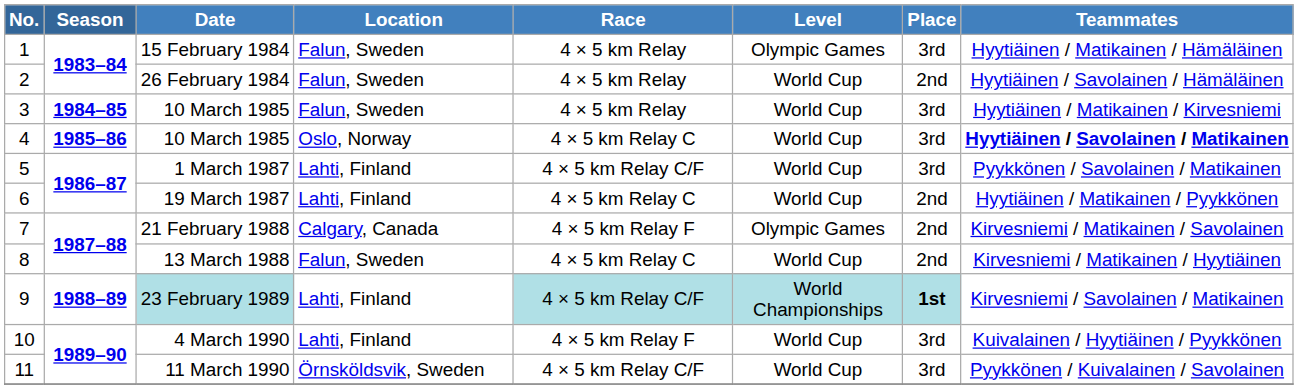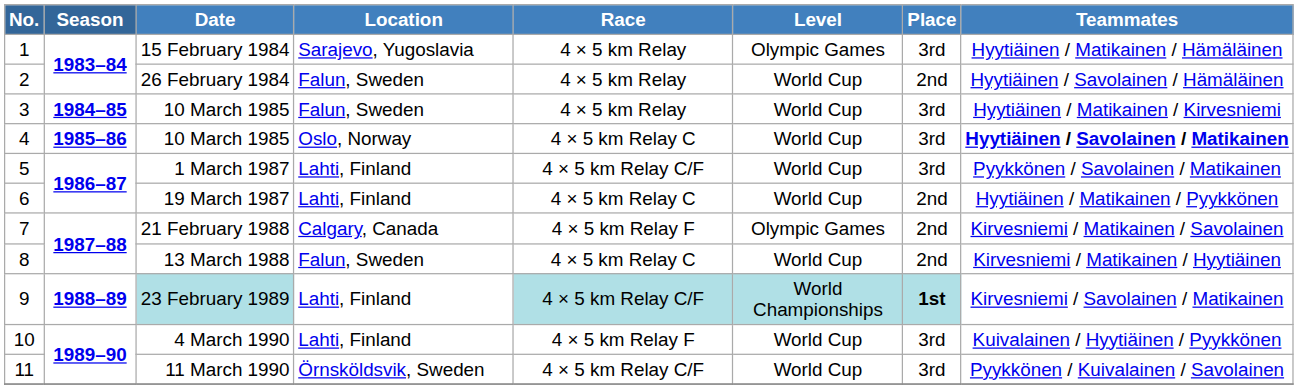 <table class="wikitable sortable" style="font-size:95%; text-align:center; border:grey solid 1px; border-collapse:collapse; background:#ffffff;">
 <tr style="background:#efefef;">
 <th style="background-color:#369; color:white;">No.</th>
 <th style="background-color:#369; color:white;">Season</th>
 <th style="background-color:#4180be; color:white; width:120px;">Date</th>
 <th style="background-color:#4180be; color:white; width:170px;">Location</th>
 <th style="background-color:#4180be; color:white; width:170px;">Race</th>
 <th style="background-color:#4180be; color:white; width:130px;">Level</th>
 <th style="background-color:#4180be; color:white;">Place</th>
 <th style="background-color:#4180be; color:white;">Teammates</th>
 </tr>
 <tr>
 <td align=center>1</td>
 <td rowspan=2 align=center><strong> <a href='#'>1983–84</a> </strong></td>
 <td align=right>15 February 1984</td>
-<td align=left> <a href='#'>Falun</a>, Sweden</td>
+<td align=left> <a href='#'>Sarajevo</a>, Yugoslavia</td>
 <td>4 × 5 km Relay</td>
 <td>Olympic Games</td>
 <td>3rd</td>
 <td><a href='#'>Hyytiäinen</a> / <a href='#'>Matikainen</a> / <a href='#'>Hämäläinen</a></td>
 </tr>
 <tr>
 <td align=center>2</td>
 <td align=right>26 February 1984</td>
 <td align=left> <a href='#'>Falun</a>, Sweden</td>
 <td>4 × 5 km Relay</td>
 <td>World Cup</td>
 <td>2nd</td>
 <td><a href='#'>Hyytiäinen</a> / <a href='#'>Savolainen</a> / <a href='#'>Hämäläinen</a></td>
 </tr>
 <tr>
 <td align=center>3</td>
 <td rowspan=1 align=center><strong> <a href='#'>1984–85</a> </strong></td>
 <td align=right>10 March 1985</td>
 <td align=left> <a href='#'>Falun</a>, Sweden</td>
 <td>4 × 5 km Relay</td>
 <td>World Cup</td>
 <td>3rd</td>
 <td><a href='#'>Hyytiäinen</a> / <a href='#'>Matikainen</a> / <a href='#'>Kirvesniemi</a></td>
 </tr>
 <tr>
 <td align=center>4</td>
 <td rowspan=1 align=center><strong> <a href='#'>1985–86</a> </strong></td>
 <td align=right>10 March 1985</td>
 <td align=left> <a href='#'>Oslo</a>, Norway</td>
 <td>4 × 5 km Relay C</td>
 <td>World Cup</td>
 <td>3rd</td>
 <td><strong><a href='#'>Hyytiäinen</a> / <a href='#'>Savolainen</a> / <a href='#'>Matikainen</a></strong></td>
 </tr>
 <tr>
 <td align=center>5</td>
 <td rowspan=2 align=center><strong> <a href='#'>1986–87</a> </strong></td>
 <td align=right>1 March 1987</td>
 <td align=left> <a href='#'>Lahti</a>, Finland</td>
 <td>4 × 5 km Relay C/F</td>
 <td>World Cup</td>
 <td>3rd</td>
 <td><a href='#'>Pyykkönen</a> / <a href='#'>Savolainen</a> / <a href='#'>Matikainen</a></td>
 </tr>
 <tr>
 <td align=center>6</td>
 <td align=right>19 March 1987</td>
 <td align=left> <a href='#'>Lahti</a>, Finland</td>
 <td>4 × 5 km Relay C</td>
 <td>World Cup</td>
 <td>2nd</td>
 <td><a href='#'>Hyytiäinen</a> / <a href='#'>Matikainen</a> / <a href='#'>Pyykkönen</a></td>
 </tr>
 <tr>
 <td align=center>7</td>
 <td rowspan=2 align=center><strong> <a href='#'>1987–88</a> </strong></td>
 <td align=right>21 February 1988</td>
 <td align=left> <a href='#'>Calgary</a>, Canada</td>
 <td>4 × 5 km Relay F</td>
 <td>Olympic Games</td>
 <td>2nd</td>
 <td><a href='#'>Kirvesniemi</a> / <a href='#'>Matikainen</a> / <a href='#'>Savolainen</a></td>
 </tr>
 <tr>
 <td align=center>8</td>
 <td align=right>13 March 1988</td>
 <td align=left> <a href='#'>Falun</a>, Sweden</td>
 <td>4 × 5 km Relay C</td>
 <td>World Cup</td>
 <td>2nd</td>
 <td><a href='#'>Kirvesniemi</a> / <a href='#'>Matikainen</a> / <a href='#'>Hyytiäinen</a></td>
 </tr>
 <tr>
 <td align=center>9</td>
 <td rowspan=1 align=center><strong><a href='#'>1988–89</a></strong></td>
 <td bgcolor="#BOEOE6" align=right>23 February 1989</td>
 <td align=left> <a href='#'>Lahti</a>, Finland</td>
 <td bgcolor="#BOEOE6">4 × 5 km Relay C/F</td>
 <td bgcolor="#BOEOE6">World Championships</td>
 <td bgcolor="#BOEOE6"><strong>1st</strong></td>
 <td><a href='#'>Kirvesniemi</a> / <a href='#'>Savolainen</a> / <a href='#'>Matikainen</a></td>
 </tr>
 <tr>
 <td align=center>10</td>
 <td rowspan=2 align=center><strong> <a href='#'>1989–90</a> </strong></td>
 <td align=right>4 March 1990</td>
 <td align=left> <a href='#'>Lahti</a>, Finland</td>
 <td>4 × 5 km Relay F</td>
 <td>World Cup</td>
 <td>3rd</td>
 <td><a href='#'>Kuivalainen</a> / <a href='#'>Hyytiäinen</a> / <a href='#'>Pyykkönen</a></td>
 </tr>
 <tr>
 <td align=center>11</td>
 <td align=right>11 March 1990</td>
 <td align=left> <a href='#'>Örnsköldsvik</a>, Sweden</td>
 <td>4 × 5 km Relay C/F</td>
 <td>World Cup</td>
 <td>3rd</td>
 <td><a href='#'>Pyykkönen</a> / <a href='#'>Kuivalainen</a> / <a href='#'>Savolainen</a></td>
 </tr>
 <tr>
 </tr>
 </table>
